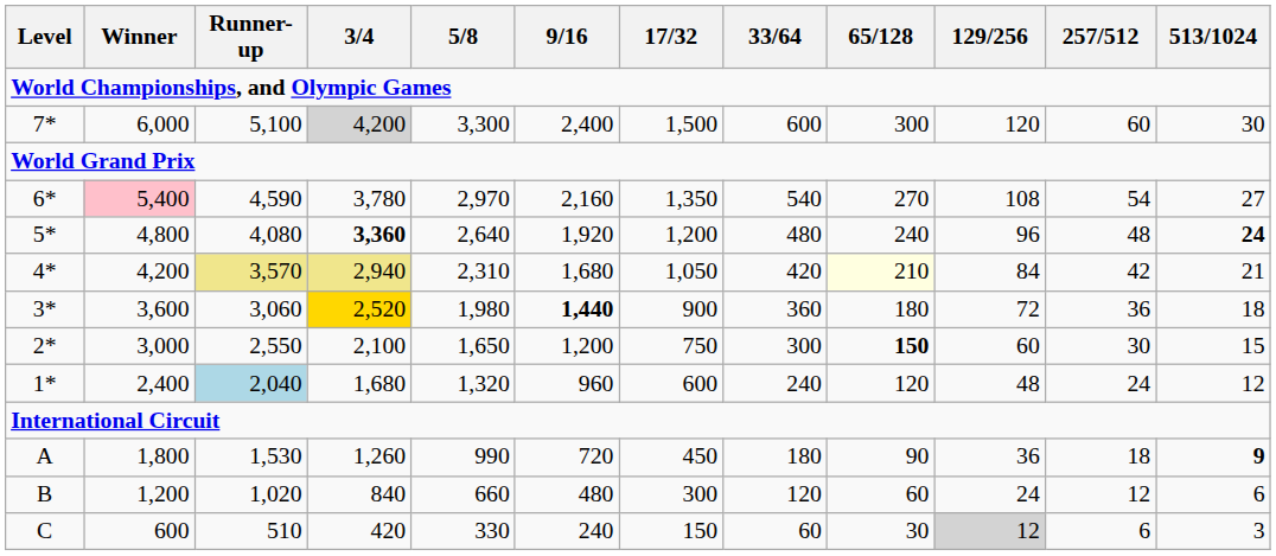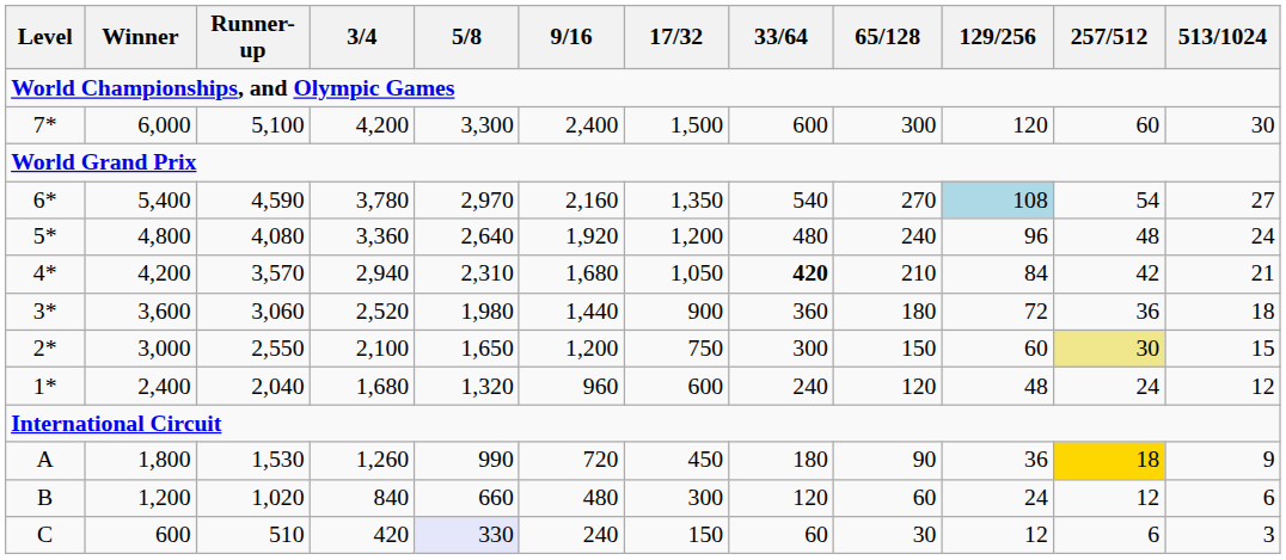 <table class="wikitable" style="text-align:right">
 <tr>
 <th width="50">Level</th>
 <th width="75">Winner</th>
 <th width="75">Runner-up</th>
 <th width="75">3/4</th>
 <th width="75">5/8</th>
 <th width="75">9/16</th>
 <th width="75">17/32</th>
 <th width="75">33/64</th>
 <th width="75">65/128</th>
 <th width="75">129/256</th>
 <th width="75">257/512</th>
 <th width="75">513/1024</th>
 </tr>
 <tr>
 <td align="left" colspan="12"><strong><a href='#'>World Championships</a>, and <a href='#'>Olympic Games</a></strong></td>
 </tr>
 <tr>
 <td align="center">7*</td>
 <td>6,000</td>
 <td>5,100</td>
-<td style="background: lightgrey;">4,200</td>
+<td>4,200</td>
 <td>3,300</td>
 <td>2,400</td>
 <td>1,500</td>
 <td>600</td>
 <td>300</td>
 <td>120</td>
 <td>60</td>
 <td>30</td>
 </tr>
 <tr>
 <td align="left" colspan="12"><strong><a href='#'>World Grand Prix</a></strong></td>
 </tr>
 <tr>
 <td align="center">6*</td>
-<td style="background: pink;">5,400</td>
+<td>5,400</td>
 <td>4,590</td>
 <td>3,780</td>
 <td>2,970</td>
 <td>2,160</td>
 <td>1,350</td>
 <td>540</td>
 <td>270</td>
-<td>108</td>
+<td style="background: lightblue;">108</td>
 <td>54</td>
 <td>27</td>
 </tr>
 <tr>
 <td align="center">5*</td>
 <td>4,800</td>
 <td>4,080</td>
-<td><strong>3,360</strong></td>
+<td>3,360</td>
 <td>2,640</td>
 <td>1,920</td>
 <td>1,200</td>
 <td>480</td>
 <td>240</td>
 <td>96</td>
 <td>48</td>
-<td><strong>24</strong></td>
+<td>24</td>
 </tr>
 <tr>
 <td align="center">4*</td>
 <td>4,200</td>
-<td style="background: khaki;">3,570</td>
-<td style="background: khaki;">2,940</td>
+<td>3,570</td>
+<td>2,940</td>
 <td>2,310</td>
 <td>1,680</td>
 <td>1,050</td>
-<td>420</td>
-<td style="background: lightyellow;">210</td>
+<td><strong>420</strong></td>
+<td>210</td>
 <td>84</td>
 <td>42</td>
 <td>21</td>
 </tr>
 <tr>
 <td align="center">3*</td>
 <td>3,600</td>
 <td>3,060</td>
-<td style="background: gold;">2,520</td>
+<td>2,520</td>
 <td>1,980</td>
-<td><strong>1,440</strong></td>
+<td>1,440</td>
 <td>900</td>
 <td>360</td>
 <td>180</td>
 <td>72</td>
 <td>36</td>
 <td>18</td>
 </tr>
 <tr>
 <td align="center">2*</td>
 <td>3,000</td>
 <td>2,550</td>
 <td>2,100</td>
 <td>1,650</td>
 <td>1,200</td>
 <td>750</td>
 <td>300</td>
-<td><strong>150</strong></td>
+<td>150</td>
 <td>60</td>
-<td>30</td>
+<td style="background: khaki;">30</td>
 <td>15</td>
 </tr>
 <tr>
 <td align="center">1*</td>
 <td>2,400</td>
-<td style="background: lightblue;">2,040</td>
+<td>2,040</td>
 <td>1,680</td>
 <td>1,320</td>
 <td>960</td>
 <td>600</td>
 <td>240</td>
 <td>120</td>
 <td>48</td>
 <td>24</td>
 <td>12</td>
 </tr>
 <tr>
 <td align="left" colspan="12"><strong><a href='#'>International Circuit</a></strong></td>
 </tr>
 <tr>
 <td align="center">A</td>
 <td>1,800</td>
 <td>1,530</td>
 <td>1,260</td>
 <td>990</td>
 <td>720</td>
 <td>450</td>
 <td>180</td>
 <td>90</td>
 <td>36</td>
-<td>18</td>
-<td><strong>9</strong></td>
+<td style="background: gold;">18</td>
+<td>9</td>
 </tr>
 <tr>
 <td align="center">B</td>
 <td>1,200</td>
 <td>1,020</td>
 <td>840</td>
 <td>660</td>
 <td>480</td>
 <td>300</td>
 <td>120</td>
 <td>60</td>
 <td>24</td>
 <td>12</td>
 <td>6</td>
 </tr>
 <tr>
 <td align="center">C</td>
 <td>600</td>
 <td>510</td>
 <td>420</td>
-<td>330</td>
+<td style="background: lavender;">330</td>
 <td>240</td>
 <td>150</td>
 <td>60</td>
 <td>30</td>
-<td style="background: lightgrey;">12</td>
+<td>12</td>
 <td>6</td>
 <td>3</td>
 </tr>
 </table>
